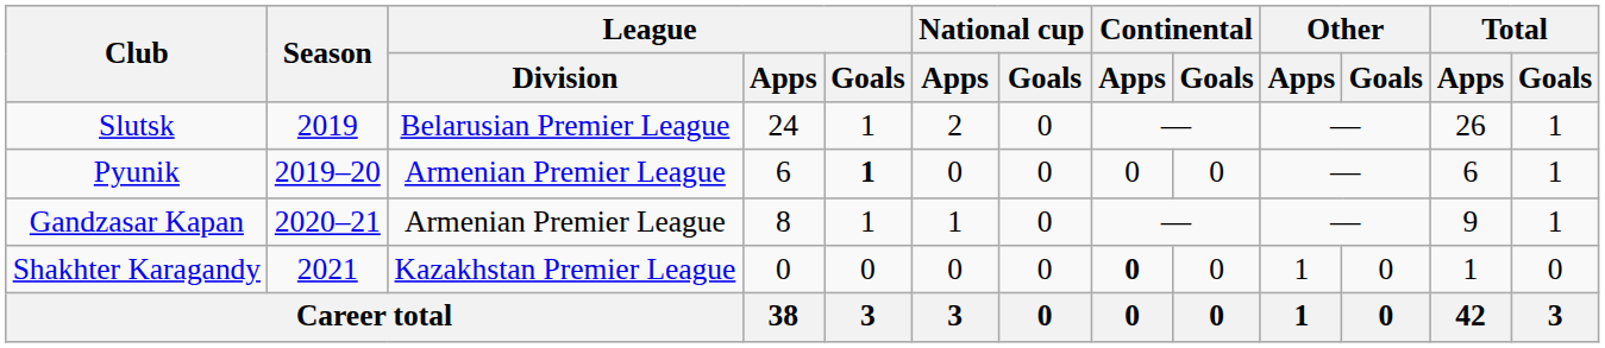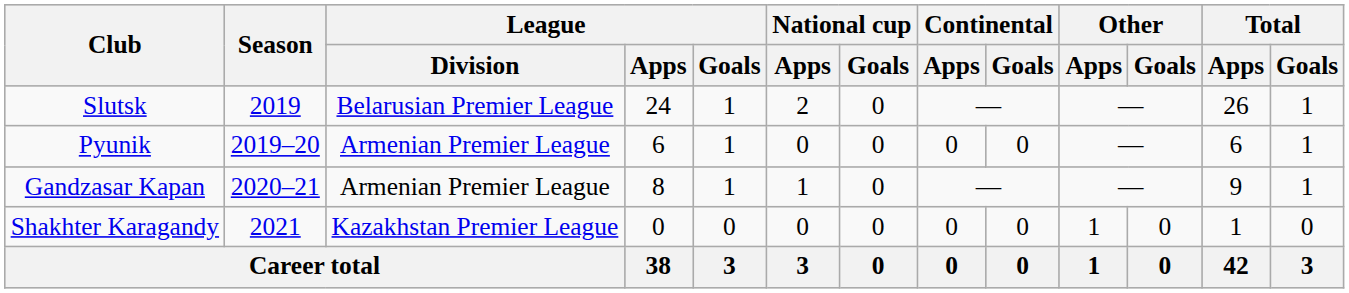 <table class="wikitable" style="text-align:center">
 <tr>
 <th rowspan="2">Club</th>
 <th rowspan="2">Season</th>
 <th colspan="3">League</th>
 <th colspan="2">National cup</th>
 <th colspan="2">Continental</th>
 <th colspan="2">Other</th>
 <th colspan="2">Total</th>
 </tr>
 <tr>
 <th>Division</th>
 <th>Apps</th>
 <th>Goals</th>
 <th>Apps</th>
 <th>Goals</th>
 <th>Apps</th>
 <th>Goals</th>
 <th>Apps</th>
 <th>Goals</th>
 <th>Apps</th>
 <th>Goals</th>
 </tr>
 <tr>
 <td><a href='#'>Slutsk</a></td>
 <td><a href='#'>2019</a></td>
 <td><a href='#'>Belarusian Premier League</a></td>
 <td>24</td>
 <td>1</td>
 <td>2</td>
 <td>0</td>
 <td colspan="2">—</td>
 <td colspan="2">—</td>
 <td>26</td>
 <td>1</td>
 </tr>
 <tr>
 <td><a href='#'>Pyunik</a></td>
 <td><a href='#'>2019–20</a></td>
 <td><a href='#'>Armenian Premier League</a></td>
 <td>6</td>
-<td><strong>1</strong></td>
+<td>1</td>
 <td>0</td>
 <td>0</td>
 <td>0</td>
 <td>0</td>
 <td colspan="2">—</td>
 <td>6</td>
 <td>1</td>
 </tr>
 <tr>
 <td><a href='#'>Gandzasar Kapan</a></td>
 <td><a href='#'>2020–21</a></td>
 <td>Armenian Premier League</td>
 <td>8</td>
 <td>1</td>
 <td>1</td>
 <td>0</td>
 <td colspan="2">—</td>
 <td colspan="2">—</td>
 <td>9</td>
 <td>1</td>
 </tr>
 <tr>
 <td><a href='#'>Shakhter Karagandy</a></td>
 <td><a href='#'>2021</a></td>
 <td><a href='#'>Kazakhstan Premier League</a></td>
 <td>0</td>
 <td>0</td>
 <td>0</td>
 <td>0</td>
-<td><strong>0</strong></td>
+<td>0</td>
 <td>0</td>
 <td>1</td>
 <td>0</td>
 <td>1</td>
 <td>0</td>
 </tr>
 <tr>
 <th colspan="3">Career total</th>
 <th>38</th>
 <th>3</th>
 <th>3</th>
 <th>0</th>
 <th>0</th>
 <th>0</th>
 <th>1</th>
 <th>0</th>
 <th>42</th>
 <th>3</th>
 </tr>
 </table>
